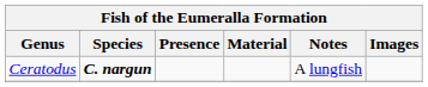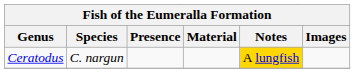 <table class="wikitable" align="center">
 <tr>
 <th colspan="6" align="center"><strong>Fish of the Eumeralla Formation</strong></th>
 </tr>
 <tr>
 <th>Genus</th>
 <th>Species</th>
 <th>Presence</th>
 <th>Material</th>
 <th>Notes</th>
 <th>Images</th>
 </tr>
 <tr>
 <td><em><a href='#'>Ceratodus</a></em></td>
-<td><strong><em>C. nargun</em></strong></td>
+<td><em>C. nargun</em></td>
 <td></td>
 <td></td>
-<td>A <a href='#'>lungfish</a></td>
+<td style="background: gold;">A <a href='#'>lungfish</a></td>
 <td><br></td>
 </tr>
 <tr>
 </tr>
 </table>
